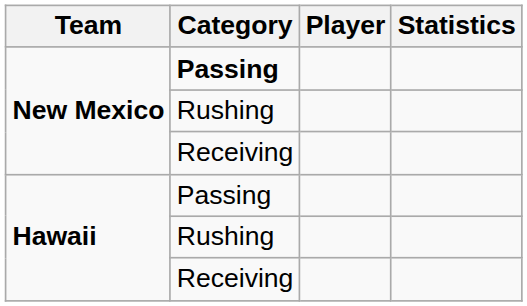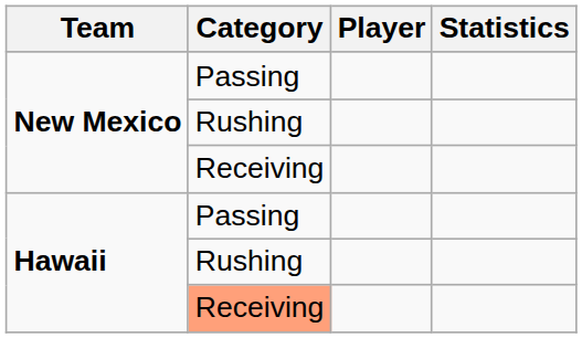 <table class="wikitable" style="float: right;">
 <tr>
 <th>Team</th>
 <th>Category</th>
 <th>Player</th>
 <th>Statistics</th>
 </tr>
 <tr>
 <td rowspan=3><strong>New Mexico</strong></td>
-<td><strong>Passing</strong></td>
+<td>Passing</td>
 <td></td>
 <td></td>
 </tr>
 <tr>
 <td>Rushing</td>
 <td></td>
 <td></td>
 </tr>
 <tr>
 <td>Receiving</td>
 <td></td>
 <td></td>
 </tr>
 <tr>
 <td rowspan=3><strong>Hawaii</strong></td>
 <td>Passing</td>
 <td></td>
 <td></td>
 </tr>
 <tr>
 <td>Rushing</td>
 <td></td>
 <td></td>
 </tr>
 <tr>
-<td>Receiving</td>
+<td style="background: lightsalmon;">Receiving</td>
 <td></td>
 <td></td>
 </tr>
 </table>
